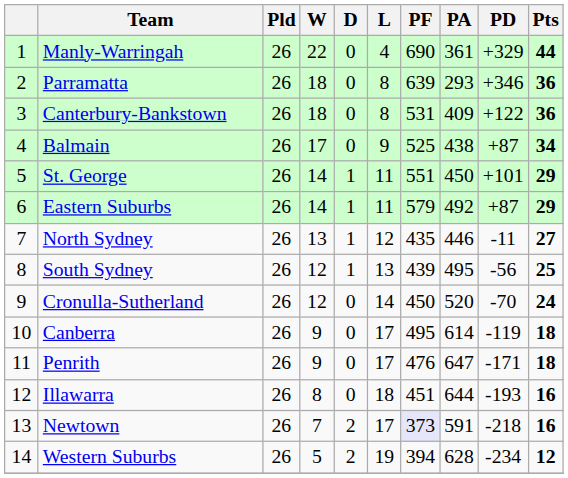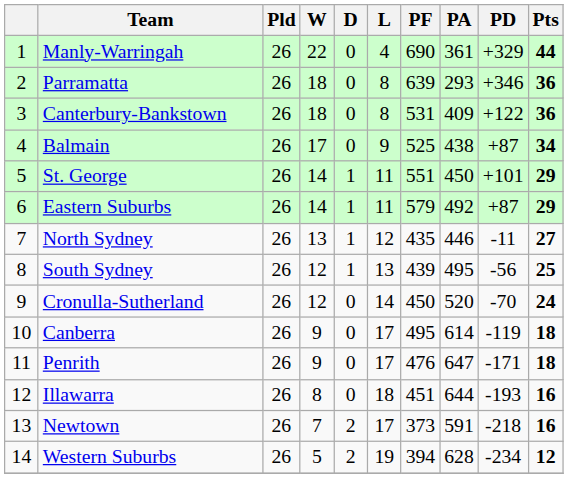 <table class="wikitable" style="text-align:center;">
 <tr>
 <th width=20 abbr="Position×"></th>
 <th width=175>Team</th>
 <th width=20 abbr="Played">Pld</th>
 <th width=20 abbr="Won">W</th>
 <th width=20 abbr="Drawn">D</th>
 <th width=20 abbr="Lost">L</th>
 <th width=20 abbr="Points for">PF</th>
 <th width=20 abbr="Points against">PA</th>
 <th width=20 abbr="Points difference">PD</th>
 <th width=20 abbr="Points">Pts</th>
 </tr>
 <tr style="background: #ccffcc;">
 <td>1</td>
 <td style="text-align:left;"> <a href='#'>Manly-Warringah</a></td>
 <td>26</td>
 <td>22</td>
 <td>0</td>
 <td>4</td>
 <td>690</td>
 <td>361</td>
 <td>+329</td>
 <td><strong>44</strong></td>
 </tr>
 <tr style="background: #ccffcc;">
 <td>2</td>
 <td style="text-align:left;"> <a href='#'>Parramatta</a></td>
 <td>26</td>
 <td>18</td>
 <td>0</td>
 <td>8</td>
 <td>639</td>
 <td>293</td>
 <td>+346</td>
 <td><strong>36</strong></td>
 </tr>
 <tr style="background: #ccffcc;">
 <td>3</td>
 <td style="text-align:left;"> <a href='#'>Canterbury-Bankstown</a></td>
 <td>26</td>
 <td>18</td>
 <td>0</td>
 <td>8</td>
 <td>531</td>
 <td>409</td>
 <td>+122</td>
 <td><strong>36</strong></td>
 </tr>
 <tr style="background: #ccffcc;">
 <td>4</td>
 <td style="text-align:left;"> <a href='#'>Balmain</a></td>
 <td>26</td>
 <td>17</td>
 <td>0</td>
 <td>9</td>
 <td>525</td>
 <td>438</td>
 <td>+87</td>
 <td><strong>34</strong></td>
 </tr>
 <tr style="background: #ccffcc;">
 <td>5</td>
 <td style="text-align:left;"> <a href='#'>St. George</a></td>
 <td>26</td>
 <td>14</td>
 <td>1</td>
 <td>11</td>
 <td>551</td>
 <td>450</td>
 <td>+101</td>
 <td><strong>29</strong></td>
 </tr>
 <tr style="background: #ccffcc;">
 <td>6</td>
 <td style="text-align:left;"> <a href='#'>Eastern Suburbs</a></td>
 <td>26</td>
 <td>14</td>
 <td>1</td>
 <td>11</td>
 <td>579</td>
 <td>492</td>
 <td>+87</td>
 <td><strong>29</strong></td>
 </tr>
 <tr>
 <td>7</td>
 <td style="text-align:left;"> <a href='#'>North Sydney</a></td>
 <td>26</td>
 <td>13</td>
 <td>1</td>
 <td>12</td>
 <td>435</td>
 <td>446</td>
 <td>-11</td>
 <td><strong>27</strong></td>
 </tr>
 <tr>
 <td>8</td>
 <td style="text-align:left;"> <a href='#'>South Sydney</a></td>
 <td>26</td>
 <td>12</td>
 <td>1</td>
 <td>13</td>
 <td>439</td>
 <td>495</td>
 <td>-56</td>
 <td><strong>25</strong></td>
 </tr>
 <tr>
 <td>9</td>
 <td style="text-align:left;"> <a href='#'>Cronulla-Sutherland</a></td>
 <td>26</td>
 <td>12</td>
 <td>0</td>
 <td>14</td>
 <td>450</td>
 <td>520</td>
 <td>-70</td>
 <td><strong>24</strong></td>
 </tr>
 <tr>
 <td>10</td>
 <td style="text-align:left;"> <a href='#'>Canberra</a></td>
 <td>26</td>
 <td>9</td>
 <td>0</td>
 <td>17</td>
 <td>495</td>
 <td>614</td>
 <td>-119</td>
 <td><strong>18</strong></td>
 </tr>
 <tr>
 <td>11</td>
 <td style="text-align:left;"> <a href='#'>Penrith</a></td>
 <td>26</td>
 <td>9</td>
 <td>0</td>
 <td>17</td>
 <td>476</td>
 <td>647</td>
 <td>-171</td>
 <td><strong>18</strong></td>
 </tr>
 <tr>
 <td>12</td>
 <td style="text-align:left;"> <a href='#'>Illawarra</a></td>
 <td>26</td>
 <td>8</td>
 <td>0</td>
 <td>18</td>
 <td>451</td>
 <td>644</td>
 <td>-193</td>
 <td><strong>16</strong></td>
 </tr>
 <tr>
 <td>13</td>
 <td style="text-align:left;"> <a href='#'>Newtown</a></td>
 <td>26</td>
 <td>7</td>
 <td>2</td>
 <td>17</td>
-<td style="background: lavender;">373</td>
+<td>373</td>
 <td>591</td>
 <td>-218</td>
 <td><strong>16</strong></td>
 </tr>
 <tr>
 <td>14</td>
 <td style="text-align:left;"> <a href='#'>Western Suburbs</a></td>
 <td>26</td>
 <td>5</td>
 <td>2</td>
 <td>19</td>
 <td>394</td>
 <td>628</td>
 <td>-234</td>
 <td><strong>12</strong></td>
 </tr>
 <tr>
 </tr>
 </table>
